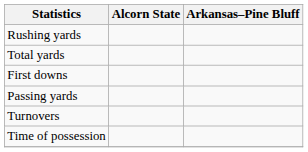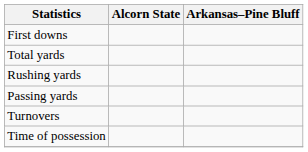 <table class="wikitable">
 <tr>
 <th>Statistics</th>
 <th>Alcorn State</th>
 <th>Arkansas–Pine Bluff</th>
 </tr>
 <tr>
-<td>Rushing yards</td>
+<td>First downs</td>
 <td> </td>
 <td> </td>
 </tr>
 <tr>
 <td>Total yards</td>
 <td> </td>
 <td> </td>
 </tr>
 <tr>
-<td>First downs</td>
+<td>Rushing yards</td>
 <td> </td>
 <td> </td>
 </tr>
 <tr>
 <td>Passing yards</td>
 <td> </td>
 <td> </td>
 </tr>
 <tr>
 <td>Turnovers</td>
 <td> </td>
 <td> </td>
 </tr>
 <tr>
 <td>Time of possession</td>
 <td> </td>
 <td> </td>
 </tr>
 <tr>
 </tr>
 </table>
